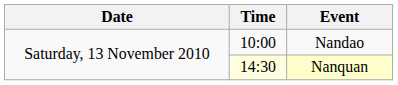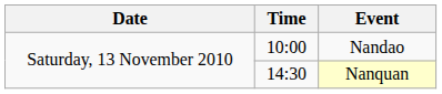 <table class = "wikitable" style="text-align:center;">
 <tr>
 <th width=220>Date</th>
 <th width=50>Time</th>
 <th width=100>Event</th>
 </tr>
 <tr>
 <td rowspan=2>Saturday, 13 November 2010</td>
 <td>10:00</td>
 <td>Nandao</td>
 </tr>
 <tr>
-<td style="background: lightyellow;">14:30</td>
+<td>14:30</td>
 <td bgcolor=ffffcc>Nanquan</td>
 </tr>
 </table>
